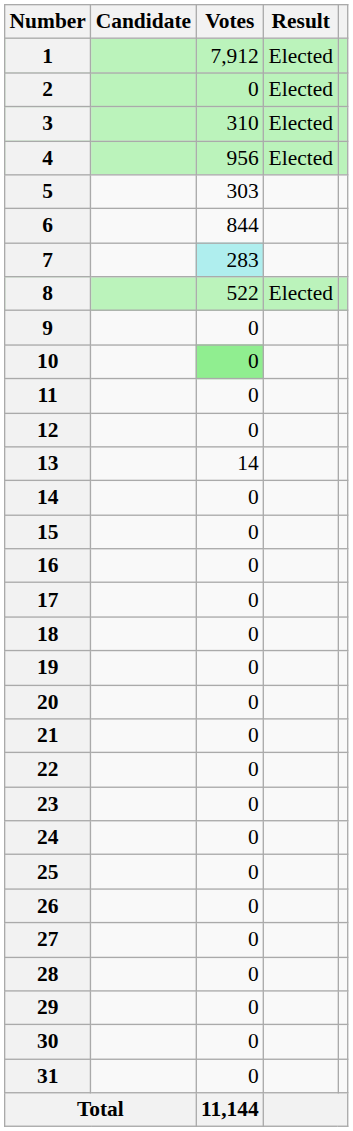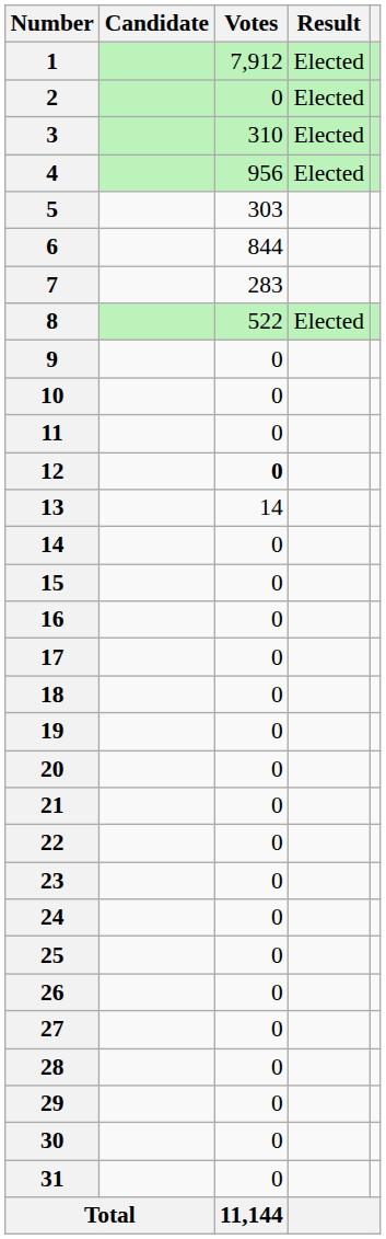 <table class="wikitable sortable">
 <tr>
 <th scope="col">Number</th>
 <th scope="col">Candidate</th>
 <th scope="col">Votes</th>
 <th scope="col">Result</th>
 <th scope="col" class="unsortable"></th>
 </tr>
 <tr bgcolor=bbf3bb>
 <th scope="row">1</th>
 <td></td>
 <td align="right">7,912</td>
 <td>Elected</td>
 <td></td>
 </tr>
 <tr bgcolor=bbf3bb>
 <th scope="row">2</th>
 <td></td>
 <td align="right">0</td>
 <td>Elected</td>
 <td></td>
 </tr>
 <tr bgcolor=bbf3bb>
 <th scope="row">3</th>
 <td></td>
 <td align="right">310</td>
 <td>Elected</td>
 <td></td>
 </tr>
 <tr bgcolor=bbf3bb>
 <th scope="row">4</th>
 <td></td>
 <td align="right">956</td>
 <td>Elected</td>
 <td></td>
 </tr>
 <tr>
 <th scope="row">5</th>
 <td></td>
 <td align="right">303</td>
 <td></td>
 <td></td>
 </tr>
 <tr>
 <th scope="row">6</th>
 <td></td>
 <td align="right">844</td>
 <td></td>
 <td></td>
 </tr>
 <tr>
 <th scope="row">7</th>
 <td></td>
-<td align="right" style="background: paleturquoise;">283</td>
+<td align="right">283</td>
 <td></td>
 <td></td>
 </tr>
 <tr bgcolor=bbf3bb>
 <th scope="row">8</th>
 <td></td>
 <td align="right">522</td>
 <td>Elected</td>
 <td></td>
 </tr>
 <tr>
 <th scope="row">9</th>
 <td></td>
 <td align="right">0</td>
 <td></td>
 <td></td>
 </tr>
 <tr>
 <th scope="row">10</th>
 <td></td>
-<td align="right" style="background: lightgreen;">0</td>
+<td align="right">0</td>
 <td></td>
 <td></td>
 </tr>
 <tr>
 <th scope="row">11</th>
 <td></td>
 <td align="right">0</td>
 <td></td>
 <td></td>
 </tr>
 <tr>
 <th scope="row">12</th>
 <td></td>
-<td align="right">0</td>
+<td align="right"><strong>0</strong></td>
 <td></td>
 <td></td>
 </tr>
 <tr>
 <th scope="row">13</th>
 <td></td>
 <td align="right">14</td>
 <td></td>
 <td></td>
 </tr>
 <tr>
 <th scope="row">14</th>
 <td></td>
 <td align="right">0</td>
 <td></td>
 <td></td>
 </tr>
 <tr>
 <th scope="row">15</th>
 <td></td>
 <td align="right">0</td>
 <td></td>
 <td></td>
 </tr>
 <tr>
 <th scope="row">16</th>
 <td></td>
 <td align="right">0</td>
 <td></td>
 <td></td>
 </tr>
 <tr>
 <th scope="row">17</th>
 <td></td>
 <td align="right">0</td>
 <td></td>
 <td></td>
 </tr>
 <tr>
 <th scope="row">18</th>
 <td></td>
 <td align="right">0</td>
 <td></td>
 <td></td>
 </tr>
 <tr>
 <th scope="row">19</th>
 <td></td>
 <td align="right">0</td>
 <td></td>
 <td></td>
 </tr>
 <tr>
 <th scope="row">20</th>
 <td></td>
 <td align="right">0</td>
 <td></td>
 <td></td>
 </tr>
 <tr>
 <th scope="row">21</th>
 <td></td>
 <td align="right">0</td>
 <td></td>
 <td></td>
 </tr>
 <tr>
 <th scope="row">22</th>
 <td></td>
 <td align="right">0</td>
 <td></td>
 <td></td>
 </tr>
 <tr>
 <th scope="row">23</th>
 <td></td>
 <td align="right">0</td>
 <td></td>
 <td></td>
 </tr>
 <tr>
 <th scope="row">24</th>
 <td></td>
 <td align="right">0</td>
 <td></td>
 <td></td>
 </tr>
 <tr>
 <th scope="row">25</th>
 <td></td>
 <td align="right">0</td>
 <td></td>
 <td></td>
 </tr>
 <tr>
 <th scope="row">26</th>
 <td></td>
 <td align="right">0</td>
 <td></td>
 <td></td>
 </tr>
 <tr>
 <th scope="row">27</th>
 <td></td>
 <td align="right">0</td>
 <td></td>
 <td></td>
 </tr>
 <tr>
 <th scope="row">28</th>
 <td></td>
 <td align="right">0</td>
 <td></td>
 <td></td>
 </tr>
 <tr>
 <th scope="row">29</th>
 <td></td>
 <td align="right">0</td>
 <td></td>
 <td></td>
 </tr>
 <tr>
 <th scope="row">30</th>
 <td></td>
 <td align="right">0</td>
 <td></td>
 <td></td>
 </tr>
 <tr>
 <th scope="row">31</th>
 <td></td>
 <td align="right">0</td>
 <td></td>
 <td></td>
 </tr>
 <tr class=sortbottom>
 <th scope="row" colspan="2">Total</th>
 <th style="text-align:right">11,144</th>
 <th colspan="2"></th>
 </tr>
 </table>
